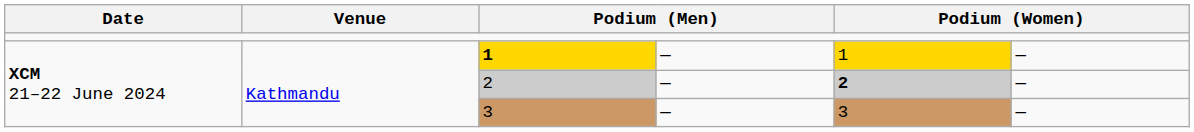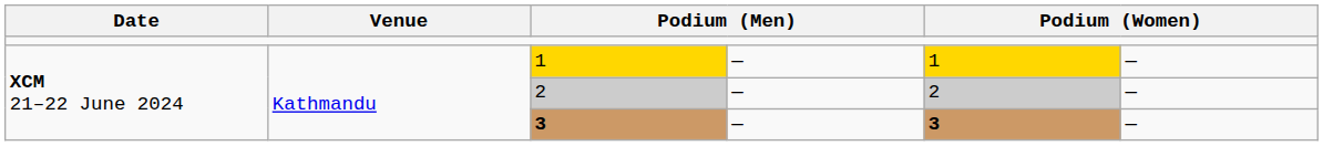 <table class="wikitable" width=70%>
 <tr>
 <th>Date</th>
 <th width=20%>Venue</th>
 <th colspan=2 width=30%>Podium (Men)</th>
 <th colspan=2 width=30%>Podium (Women)</th>
 </tr>
 <tr>
 <td colspan=6></td>
 </tr>
 <tr>
 <td rowspan=3><strong>XCM</strong> <br> 21–22 June 2024</td>
 <td rowspan=3><br><a href='#'>Kathmandu</a></td>
-<td bgcolor=FFD700><strong>1</strong></td>
+<td bgcolor=FFD700>1</td>
 <td>—</td>
 <td bgcolor=FFD700>1</td>
 <td>—</td>
 </tr>
 <tr>
 <td bgcolor=CCCCCC>2</td>
 <td>—</td>
-<td bgcolor=CCCCCC><strong>2</strong></td>
+<td bgcolor=CCCCCC>2</td>
 <td>—</td>
 </tr>
 <tr>
-<td bgcolor=CC9966>3</td>
+<td bgcolor=CC9966><strong>3</strong></td>
 <td>—</td>
-<td bgcolor=CC9966>3</td>
+<td bgcolor=CC9966><strong>3</strong></td>
 <td>—</td>
 </tr>
 </table>
